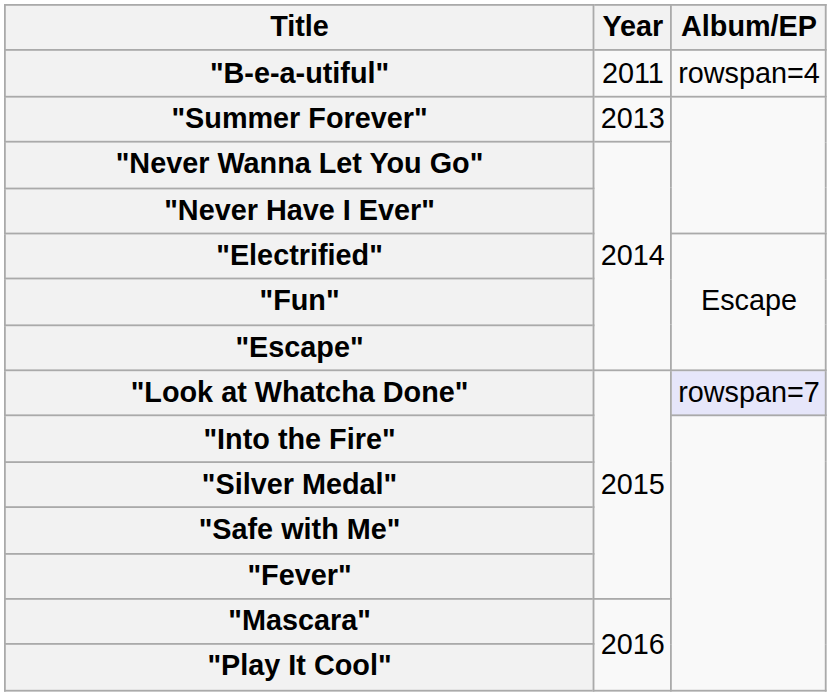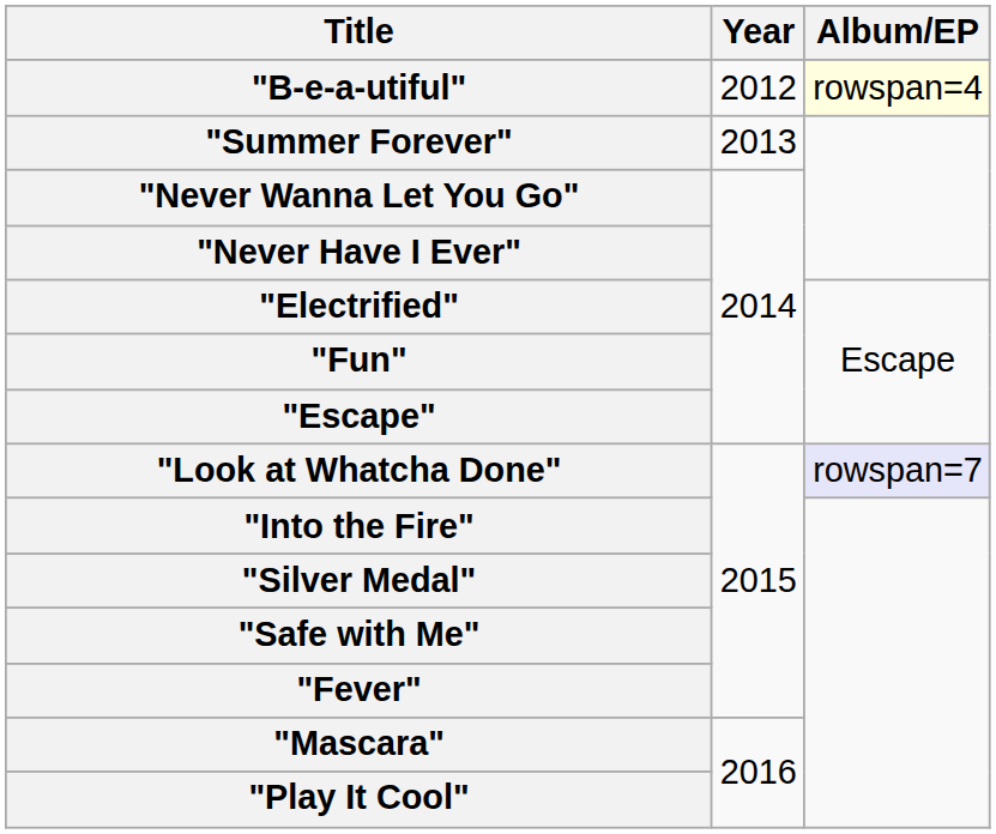 <table class="wikitable plainrowheaders" style="text-align:center;">
 <tr>
 <th scope="col" style="width:20em;">Title</th>
 <th scope="col">Year</th>
 <th>Album/EP</th>
 </tr>
 <tr>
 <th scope="row">"B-e-a-utiful"</th>
-<td>2011</td>
-<td>rowspan=4 </td>
+<td>2012</td>
+<td style="background: lightyellow;">rowspan=4 </td>
 </tr>
 <tr>
 <th scope="row">"Summer Forever"</th>
 <td>2013</td>
 </tr>
 <tr>
 <th scope="row">"Never Wanna Let You Go"</th>
 <td rowspan=5>2014</td>
 </tr>
 <tr>
 <th scope="row">"Never Have I Ever"</th>
 </tr>
 <tr>
 <th scope="row">"Electrified"</th>
 <td rowspan=3>Escape</td>
 </tr>
 <tr>
 <th scope="row">"Fun"</th>
 </tr>
 <tr>
 <th scope="row">"Escape"</th>
 </tr>
 <tr>
 <th scope="row">"Look at Whatcha Done"</th>
 <td rowspan=5>2015</td>
 <td style="background: lavender;">rowspan=7 </td>
 </tr>
 <tr>
 <th scope="row">"Into the Fire"</th>
 </tr>
 <tr>
 <th scope="row">"Silver Medal"</th>
 </tr>
 <tr>
 <th scope="row">"Safe with Me"</th>
 </tr>
 <tr>
 <th scope="row">"Fever"</th>
 </tr>
 <tr>
 <th scope="row">"Mascara"</th>
 <td rowspan=2>2016</td>
 </tr>
 <tr>
 <th scope="row">"Play It Cool"</th>
 </tr>
 </table>
